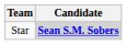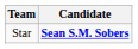 <table class="wikitable" style="text-align:center">
 <tr>
 <th>Team</th>
 <th>Candidate</th>
 </tr>
 <tr>
 <td>Star</td>
-<td style="background: lightgrey;"><strong><a href='#'>Sean S.M. Sobers</a></strong></td>
+<td><strong><a href='#'>Sean S.M. Sobers</a></strong></td>
 </tr>
 </table>
